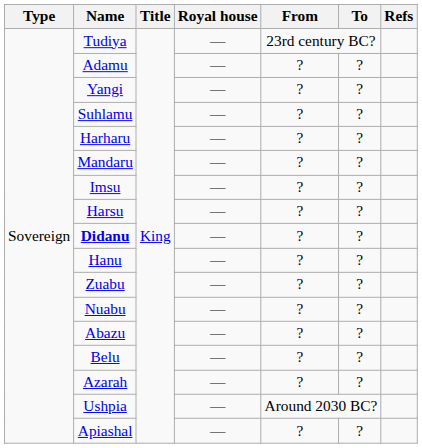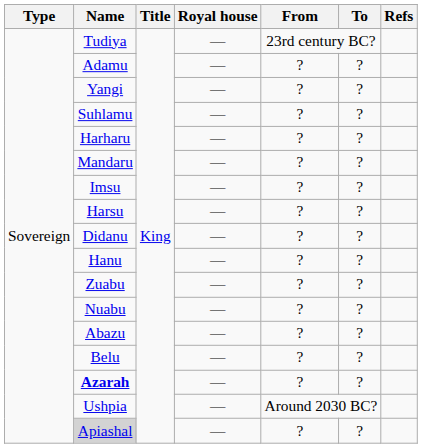 <table style="text-align:center;" class="wikitable">
 <tr>
 <th>Type</th>
 <th>Name</th>
 <th>Title</th>
 <th>Royal house</th>
 <th>From</th>
 <th>To</th>
 <th>Refs</th>
 </tr>
 <tr>
 <td rowspan="17">Sovereign</td>
 <td><a href='#'>Tudiya</a></td>
 <td rowspan="17"><a href='#'>King</a></td>
 <td>—</td>
 <td colspan="2">23rd century BC?</td>
 <td></td>
 </tr>
 <tr>
 <td><a href='#'>Adamu</a></td>
 <td>—</td>
 <td>?</td>
 <td>?</td>
 <td></td>
 </tr>
 <tr>
 <td><a href='#'>Yangi</a></td>
 <td>—</td>
 <td>?</td>
 <td>?</td>
 <td></td>
 </tr>
 <tr>
 <td><a href='#'>Suhlamu</a></td>
 <td>—</td>
 <td>?</td>
 <td>?</td>
 <td></td>
 </tr>
 <tr>
 <td><a href='#'>Harharu</a></td>
 <td>—</td>
 <td>?</td>
 <td>?</td>
 <td></td>
 </tr>
 <tr>
 <td><a href='#'>Mandaru</a></td>
 <td>—</td>
 <td>?</td>
 <td>?</td>
 <td></td>
 </tr>
 <tr>
 <td><a href='#'>Imsu</a></td>
 <td>—</td>
 <td>?</td>
 <td>?</td>
 <td></td>
 </tr>
 <tr>
 <td><a href='#'>Harsu</a></td>
 <td>—</td>
 <td>?</td>
 <td>?</td>
 <td></td>
 </tr>
 <tr>
-<td><strong><a href='#'>Didanu</a></strong></td>
+<td><a href='#'>Didanu</a></td>
 <td>—</td>
 <td>?</td>
 <td>?</td>
 <td></td>
 </tr>
 <tr>
 <td><a href='#'>Hanu</a></td>
 <td>—</td>
 <td>?</td>
 <td>?</td>
 <td></td>
 </tr>
 <tr>
 <td><a href='#'>Zuabu</a></td>
 <td>—</td>
 <td>?</td>
 <td>?</td>
 <td></td>
 </tr>
 <tr>
 <td><a href='#'>Nuabu</a></td>
 <td>—</td>
 <td>?</td>
 <td>?</td>
 <td></td>
 </tr>
 <tr>
 <td><a href='#'>Abazu</a></td>
 <td>—</td>
 <td>?</td>
 <td>?</td>
 <td></td>
 </tr>
 <tr>
 <td><a href='#'>Belu</a></td>
 <td>—</td>
 <td>?</td>
 <td>?</td>
 <td></td>
 </tr>
 <tr>
-<td><a href='#'>Azarah</a></td>
+<td><strong><a href='#'>Azarah</a></strong></td>
 <td>—</td>
 <td>?</td>
 <td>?</td>
 <td></td>
 </tr>
 <tr>
 <td><a href='#'>Ushpia</a></td>
 <td>—</td>
 <td colspan="2">Around 2030 BC?</td>
 <td></td>
 </tr>
 <tr>
-<td><a href='#'>Apiashal</a></td>
+<td style="background: lightgrey;"><a href='#'>Apiashal</a></td>
 <td>—</td>
 <td>?</td>
 <td>?</td>
 <td></td>
 </tr>
 </table>
